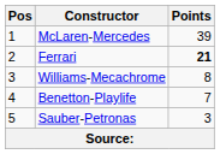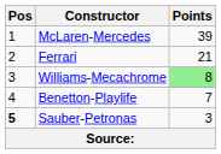 <table class="wikitable"     style="font-size:     95%;">
 <tr>
 <th>Pos</th>
 <th>Constructor</th>
 <th>Points</th>
 </tr>
 <tr>
 <td>1</td>
 <td> <a href='#'>McLaren</a>-<a href='#'>Mercedes</a></td>
 <td align="right">39</td>
 </tr>
 <tr>
 <td>2</td>
 <td> <a href='#'>Ferrari</a></td>
-<td align="right"><strong>21</strong></td>
+<td align="right">21</td>
 </tr>
 <tr>
 <td>3</td>
 <td>  <a href='#'>Williams</a>-<a href='#'>Mecachrome</a></td>
-<td align="right">8</td>
+<td align="right" style="background: lightgreen;">8</td>
 </tr>
 <tr>
 <td>4</td>
 <td> <a href='#'>Benetton</a>-<a href='#'>Playlife</a></td>
 <td align="right">7</td>
 </tr>
 <tr>
-<td>5</td>
+<td><strong>5</strong></td>
 <td> <a href='#'>Sauber</a>-<a href='#'>Petronas</a></td>
 <td align="right">3</td>
 </tr>
 <tr>
 <th colspan=3>Source:</th>
 </tr>
 </table>
